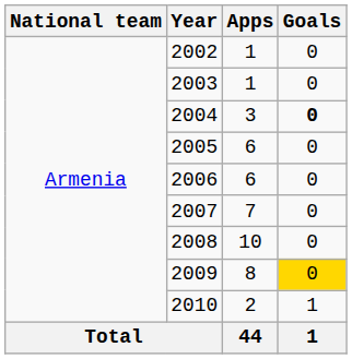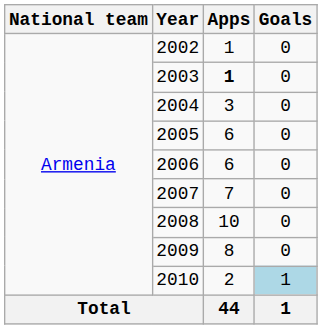 <table class="wikitable" style="text-align:center">
 <tr>
 <th>National team</th>
 <th>Year</th>
 <th>Apps</th>
 <th>Goals</th>
 </tr>
 <tr>
 <td rowspan="9"><a href='#'>Armenia</a></td>
 <td>2002</td>
 <td>1</td>
 <td>0</td>
 </tr>
 <tr>
 <td>2003</td>
-<td>1</td>
+<td><strong>1</strong></td>
 <td>0</td>
 </tr>
 <tr>
 <td>2004</td>
 <td>3</td>
-<td><strong>0</strong></td>
+<td>0</td>
 </tr>
 <tr>
 <td>2005</td>
 <td>6</td>
 <td>0</td>
 </tr>
 <tr>
 <td>2006</td>
 <td>6</td>
 <td>0</td>
 </tr>
 <tr>
 <td>2007</td>
 <td>7</td>
 <td>0</td>
 </tr>
 <tr>
 <td>2008</td>
 <td>10</td>
 <td>0</td>
 </tr>
 <tr>
 <td>2009</td>
 <td>8</td>
-<td style="background: gold;">0</td>
+<td>0</td>
 </tr>
 <tr>
 <td>2010</td>
 <td>2</td>
-<td>1</td>
+<td style="background: lightblue;">1</td>
 </tr>
 <tr>
 <th colspan="2">Total</th>
 <th>44</th>
 <th>1</th>
 </tr>
 </table>
